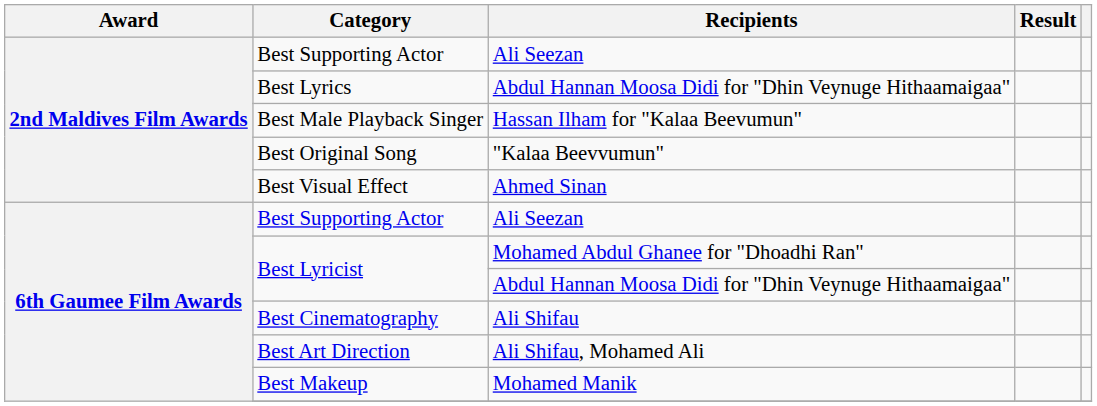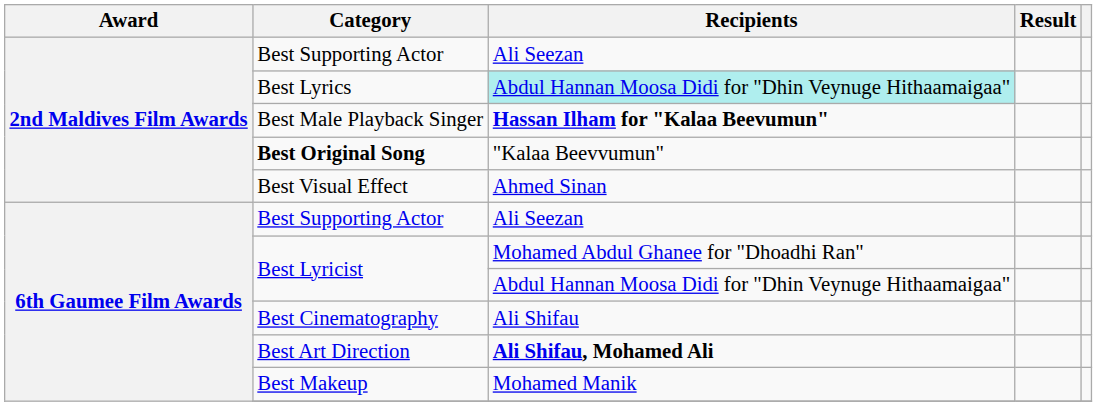 <table class="wikitable plainrowheaders sortable">
 <tr>
 <th scope="col">Award</th>
 <th scope="col">Category</th>
 <th scope="col">Recipients</th>
 <th scope="col">Result</th>
 <th scope="col" class="unsortable"></th>
 </tr>
 <tr>
 <th scope="row" rowspan="5"><a href='#'>2nd Maldives Film Awards</a></th>
 <td>Best Supporting Actor</td>
 <td><a href='#'>Ali Seezan</a></td>
 <td></td>
 <td style="text-align:center;"></td>
 </tr>
 <tr>
 <td>Best Lyrics</td>
-<td><a href='#'>Abdul Hannan Moosa Didi</a> for "Dhin Veynuge Hithaamaigaa"</td>
+<td style="background: paleturquoise;"><a href='#'>Abdul Hannan Moosa Didi</a> for "Dhin Veynuge Hithaamaigaa"</td>
 <td></td>
 <td style="text-align:center;"></td>
 </tr>
 <tr>
 <td>Best Male Playback Singer</td>
-<td><a href='#'>Hassan Ilham</a> for "Kalaa Beevumun"</td>
+<td><strong><a href='#'>Hassan Ilham</a> for "Kalaa Beevumun"</strong></td>
 <td></td>
 <td style="text-align:center;"></td>
 </tr>
 <tr>
-<td>Best Original Song</td>
+<td><strong>Best Original Song</strong></td>
 <td>"Kalaa Beevvumun"</td>
 <td></td>
 <td style="text-align:center;"></td>
 </tr>
 <tr>
 <td>Best Visual Effect</td>
 <td><a href='#'>Ahmed Sinan</a></td>
 <td></td>
 <td style="text-align:center;"></td>
 </tr>
 <tr>
 <th scope="row" rowspan="22"><a href='#'>6th Gaumee Film Awards</a></th>
 <td><a href='#'>Best Supporting Actor</a></td>
 <td><a href='#'>Ali Seezan</a></td>
 <td></td>
 <td style="text-align:center;"></td>
 </tr>
 <tr>
 <td rowspan="2"><a href='#'>Best Lyricist</a></td>
 <td><a href='#'>Mohamed Abdul Ghanee</a> for "Dhoadhi Ran"</td>
 <td></td>
 <td style="text-align:center;"></td>
 </tr>
 <tr>
 <td><a href='#'>Abdul Hannan Moosa Didi</a> for "Dhin Veynuge Hithaamaigaa"</td>
 <td></td>
 <td style="text-align:center;"></td>
 </tr>
 <tr>
 <td><a href='#'>Best Cinematography</a></td>
 <td><a href='#'>Ali Shifau</a></td>
 <td></td>
 <td style="text-align:center;"></td>
 </tr>
 <tr>
 <td><a href='#'>Best Art Direction</a></td>
-<td><a href='#'>Ali Shifau</a>, Mohamed Ali</td>
+<td><strong><a href='#'>Ali Shifau</a>, Mohamed Ali</strong></td>
 <td></td>
 <td style="text-align:center;"></td>
 </tr>
 <tr>
 <td><a href='#'>Best Makeup</a></td>
 <td><a href='#'>Mohamed Manik</a></td>
 <td></td>
 <td style="text-align:center;"></td>
 </tr>
 <tr>
 </tr>
 </table>
